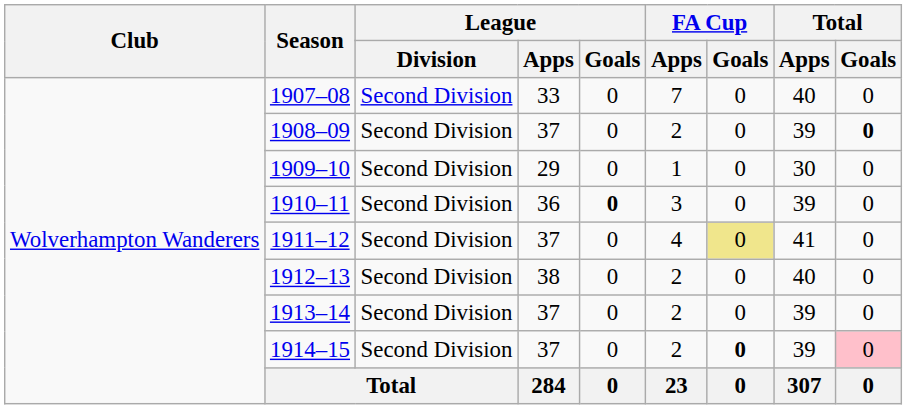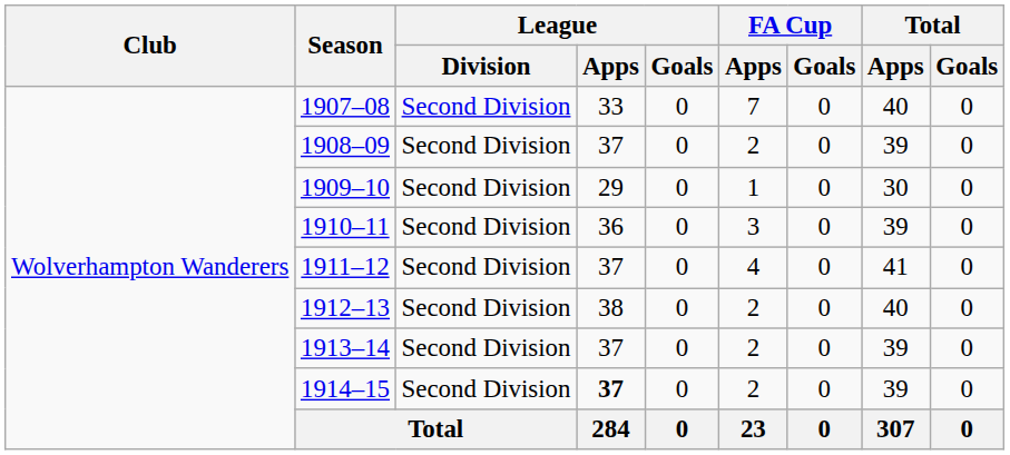 <table class="wikitable" style="text-align:center">
 <tr>
 <th rowspan="2">Club</th>
 <th rowspan="2">Season</th>
 <th colspan="3">League</th>
 <th colspan="2"><a href='#'>FA Cup</a></th>
 <th colspan="2">Total</th>
 </tr>
 <tr>
 <th>Division</th>
 <th>Apps</th>
 <th>Goals</th>
 <th>Apps</th>
 <th>Goals</th>
 <th>Apps</th>
 <th>Goals</th>
 </tr>
 <tr>
 <td rowspan="9"><a href='#'>Wolverhampton Wanderers</a></td>
 <td><a href='#'>1907–08</a></td>
 <td><a href='#'>Second Division</a></td>
 <td>33</td>
 <td>0</td>
 <td>7</td>
 <td>0</td>
 <td>40</td>
 <td>0</td>
 </tr>
 <tr>
 <td><a href='#'>1908–09</a></td>
 <td>Second Division</td>
 <td>37</td>
 <td>0</td>
 <td>2</td>
 <td>0</td>
 <td>39</td>
-<td><strong>0</strong></td>
+<td>0</td>
 </tr>
 <tr>
 <td><a href='#'>1909–10</a></td>
 <td>Second Division</td>
 <td>29</td>
 <td>0</td>
 <td>1</td>
 <td>0</td>
 <td>30</td>
 <td>0</td>
 </tr>
 <tr>
 <td><a href='#'>1910–11</a></td>
 <td>Second Division</td>
 <td>36</td>
-<td><strong>0</strong></td>
+<td>0</td>
 <td>3</td>
 <td>0</td>
 <td>39</td>
 <td>0</td>
 </tr>
 <tr>
 <td><a href='#'>1911–12</a></td>
 <td>Second Division</td>
 <td>37</td>
 <td>0</td>
 <td>4</td>
-<td style="background: khaki;">0</td>
+<td>0</td>
 <td>41</td>
 <td>0</td>
 </tr>
 <tr>
 <td><a href='#'>1912–13</a></td>
 <td>Second Division</td>
 <td>38</td>
 <td>0</td>
 <td>2</td>
 <td>0</td>
 <td>40</td>
 <td>0</td>
 </tr>
 <tr>
 <td><a href='#'>1913–14</a></td>
 <td>Second Division</td>
 <td>37</td>
 <td>0</td>
 <td>2</td>
 <td>0</td>
 <td>39</td>
 <td>0</td>
 </tr>
 <tr>
 <td><a href='#'>1914–15</a></td>
 <td>Second Division</td>
-<td>37</td>
+<td><strong>37</strong></td>
 <td>0</td>
 <td>2</td>
-<td><strong>0</strong></td>
+<td>0</td>
 <td>39</td>
-<td style="background: pink;">0</td>
+<td>0</td>
 </tr>
 <tr>
 <th colspan="2">Total</th>
 <th>284</th>
 <th>0</th>
 <th>23</th>
 <th>0</th>
 <th>307</th>
 <th>0</th>
 </tr>
 </table>
